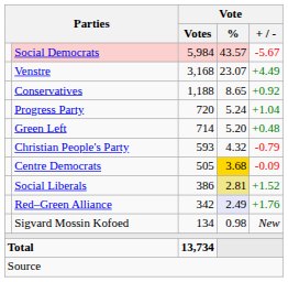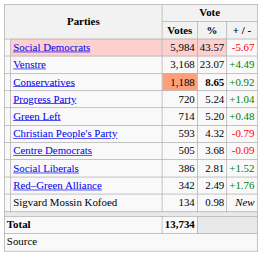 <table class="wikitable" style="text-align:right;">
 <tr>
 <th style="text-align:centre;" rowspan="2" colspan="2" width="225">Parties</th>
 <th colspan="3">Vote</th>
 </tr>
 <tr>
 <th width="15">Votes</th>
 <th width="15">%</th>
 <th width="15">+ / -</th>
 </tr>
 <tr>
 <td width="2" style="color:inherit;background:"></td>
 <td bgcolor=#fbd0ce  align="left"><a href='#'>Social Democrats</a></td>
 <td bgcolor=#fbd0ce>5,984</td>
 <td bgcolor=#fbd0ce>43.57</td>
 <td style=color:red;>-5.67</td>
 </tr>
 <tr>
 <td width="2" style="color:inherit;background:"></td>
 <td align="left"><a href='#'>Venstre</a></td>
 <td>3,168</td>
 <td>23.07</td>
 <td style=color:green;>+4.49</td>
 </tr>
 <tr>
 <td width="2" style="color:inherit;background:"></td>
 <td align="left"><a href='#'>Conservatives</a></td>
-<td>1,188</td>
-<td>8.65</td>
+<td style="background: lightsalmon;">1,188</td>
+<td><strong>8.65</strong></td>
 <td style=color:green;>+0.92</td>
 </tr>
 <tr>
 <td width="2" style="color:inherit;background:"></td>
 <td align="left"><a href='#'>Progress Party</a></td>
 <td>720</td>
 <td>5.24</td>
 <td style=color:green;>+1.04</td>
 </tr>
 <tr>
 <td width="2" style="color:inherit;background:"></td>
 <td align="left"><a href='#'>Green Left</a></td>
 <td>714</td>
 <td>5.20</td>
 <td style=color:green;>+0.48</td>
 </tr>
 <tr>
 <td width="2" style="color:inherit;background:"></td>
 <td align="left"><a href='#'>Christian People's Party</a></td>
 <td>593</td>
 <td>4.32</td>
 <td style=color:red;>-0.79</td>
 </tr>
 <tr>
 <td width="2" style="color:inherit;background:"></td>
 <td align="left"><a href='#'>Centre Democrats</a></td>
 <td>505</td>
-<td style="background: gold;">3.68</td>
+<td>3.68</td>
 <td style=color:red;>-0.09</td>
 </tr>
 <tr>
 <td width="2" style="color:inherit;background:"></td>
 <td align="left"><a href='#'>Social Liberals</a></td>
 <td>386</td>
-<td style="background: khaki;">2.81</td>
+<td>2.81</td>
 <td style=color:green;>+1.52</td>
 </tr>
 <tr>
 <td width="2" style="color:inherit;background:"></td>
 <td align="left"><a href='#'>Red–Green Alliance</a></td>
 <td>342</td>
-<td style="background: lavender;">2.49</td>
+<td>2.49</td>
 <td style=color:green;>+1.76</td>
 </tr>
 <tr>
 <td width="2" style="color:inherit;background:"></td>
 <td align="left">Sigvard Mossin Kofoed</td>
 <td>134</td>
 <td>0.98</td>
 <td><em>New</em></td>
 </tr>
 <tr>
 <td colspan="7" bgcolor="#E9E9E9"></td>
 </tr>
 <tr>
 <td align="left" colspan="2"><strong>Total</strong></td>
 <td><strong>13,734</strong></td>
 <td bgcolor="#E9E9E9" colspan="2"></td>
 </tr>
 <tr>
 <td align="left" colspan="6">Source</td>
 </tr>
 </table>
